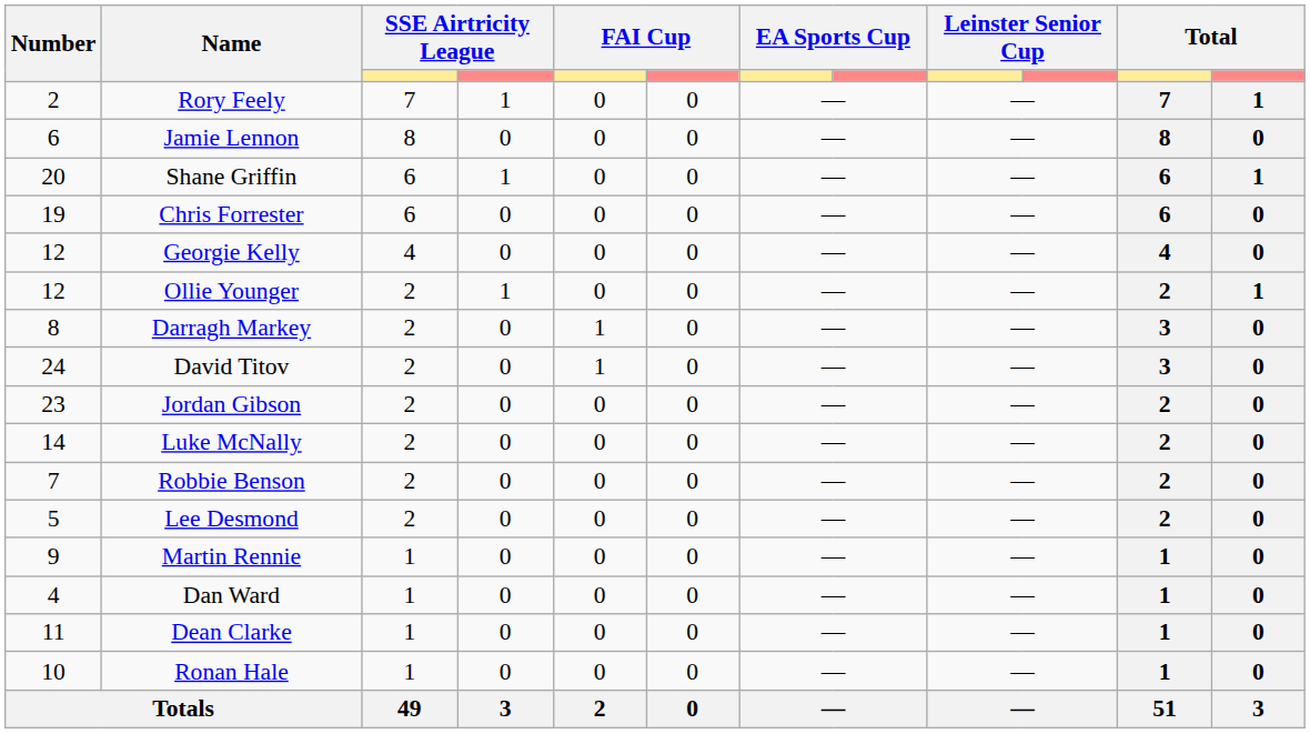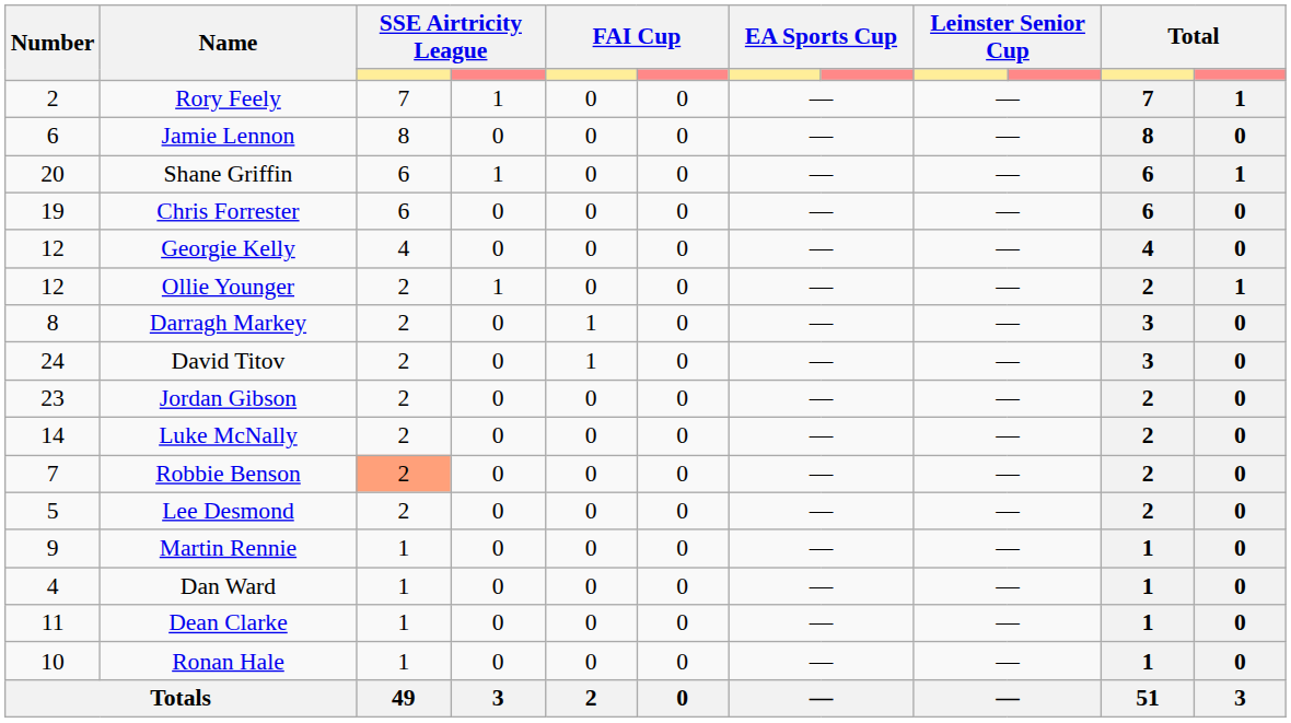 <table class="wikitable" style="text-align:center">
 <tr>
 <th rowspan="2" style="width:5%">Number</th>
 <th rowspan="2" style="width:20%">Name</th>
 <th colspan="2"><a href='#'>SSE Airtricity League</a></th>
 <th colspan="2"><a href='#'>FAI Cup</a></th>
 <th colspan="2"><a href='#'>EA Sports Cup</a></th>
 <th colspan="2"><a href='#'>Leinster Senior Cup</a></th>
 <th colspan="2">Total</th>
 </tr>
 <tr>
 <th style="width:60px;background:#fe9"></th>
 <th style="width:60px;background:#f88"></th>
 <th style="width:60px;background:#fe9"></th>
 <th style="width:60px;background:#f88"></th>
 <th style="width:60px;background:#fe9"></th>
 <th style="width:60px;background:#f88"></th>
 <th style="width:60px;background:#fe9"></th>
 <th style="width:60px;background:#f88"></th>
 <th style="width:60px;background:#fe9"></th>
 <th style="width:60px;background:#f88"></th>
 </tr>
 <tr>
 <td>2</td>
 <td><a href='#'>Rory Feely</a></td>
 <td>7</td>
 <td>1</td>
 <td>0</td>
 <td>0</td>
 <td colspan="2">—</td>
 <td colspan="2">—</td>
 <th>7</th>
 <th>1</th>
 </tr>
 <tr>
 <td>6</td>
 <td><a href='#'>Jamie Lennon</a></td>
 <td>8</td>
 <td>0</td>
 <td>0</td>
 <td>0</td>
 <td colspan="2">—</td>
 <td colspan="2">—</td>
 <th>8</th>
 <th>0</th>
 </tr>
 <tr>
 <td>20</td>
 <td>Shane Griffin</td>
 <td>6</td>
 <td>1</td>
 <td>0</td>
 <td>0</td>
 <td colspan="2">—</td>
 <td colspan="2">—</td>
 <th>6</th>
 <th>1</th>
 </tr>
 <tr>
 <td>19</td>
 <td><a href='#'>Chris Forrester</a></td>
 <td>6</td>
 <td>0</td>
 <td>0</td>
 <td>0</td>
 <td colspan="2">—</td>
 <td colspan="2">—</td>
 <th>6</th>
 <th>0</th>
 </tr>
 <tr>
 <td>12</td>
 <td><a href='#'>Georgie Kelly</a></td>
 <td>4</td>
 <td>0</td>
 <td>0</td>
 <td>0</td>
 <td colspan="2">—</td>
 <td colspan="2">—</td>
 <th>4</th>
 <th>0</th>
 </tr>
 <tr>
 <td>12</td>
 <td><a href='#'>Ollie Younger</a></td>
 <td>2</td>
 <td>1</td>
 <td>0</td>
 <td>0</td>
 <td colspan="2">—</td>
 <td colspan="2">—</td>
 <th>2</th>
 <th>1</th>
 </tr>
 <tr>
 <td>8</td>
 <td><a href='#'>Darragh Markey</a></td>
 <td>2</td>
 <td>0</td>
 <td>1</td>
 <td>0</td>
 <td colspan="2">—</td>
 <td colspan="2">—</td>
 <th>3</th>
 <th>0</th>
 </tr>
 <tr>
 <td>24</td>
 <td>David Titov</td>
 <td>2</td>
 <td>0</td>
 <td>1</td>
 <td>0</td>
 <td colspan="2">—</td>
 <td colspan="2">—</td>
 <th>3</th>
 <th>0</th>
 </tr>
 <tr>
 <td>23</td>
 <td><a href='#'>Jordan Gibson</a></td>
 <td>2</td>
 <td>0</td>
 <td>0</td>
 <td>0</td>
 <td colspan="2">—</td>
 <td colspan="2">—</td>
 <th>2</th>
 <th>0</th>
 </tr>
 <tr>
 <td>14</td>
 <td><a href='#'>Luke McNally</a></td>
 <td>2</td>
 <td>0</td>
 <td>0</td>
 <td>0</td>
 <td colspan="2">—</td>
 <td colspan="2">—</td>
 <th>2</th>
 <th>0</th>
 </tr>
 <tr>
 <td>7</td>
 <td><a href='#'>Robbie Benson</a></td>
-<td>2</td>
+<td style="background: lightsalmon;">2</td>
 <td>0</td>
 <td>0</td>
 <td>0</td>
 <td colspan="2">—</td>
 <td colspan="2">—</td>
 <th>2</th>
 <th>0</th>
 </tr>
 <tr>
 <td>5</td>
 <td><a href='#'>Lee Desmond</a></td>
 <td>2</td>
 <td>0</td>
 <td>0</td>
 <td>0</td>
 <td colspan="2">—</td>
 <td colspan="2">—</td>
 <th>2</th>
 <th>0</th>
 </tr>
 <tr>
 <td>9</td>
 <td><a href='#'>Martin Rennie</a></td>
 <td>1</td>
 <td>0</td>
 <td>0</td>
 <td>0</td>
 <td colspan="2">—</td>
 <td colspan="2">—</td>
 <th>1</th>
 <th>0</th>
 </tr>
 <tr>
 <td>4</td>
 <td>Dan Ward</td>
 <td>1</td>
 <td>0</td>
 <td>0</td>
 <td>0</td>
 <td colspan="2">—</td>
 <td colspan="2">—</td>
 <th>1</th>
 <th>0</th>
 </tr>
 <tr>
 <td>11</td>
 <td><a href='#'>Dean Clarke</a></td>
 <td>1</td>
 <td>0</td>
 <td>0</td>
 <td>0</td>
 <td colspan="2">—</td>
 <td colspan="2">—</td>
 <th>1</th>
 <th>0</th>
 </tr>
 <tr>
 <td>10</td>
 <td><a href='#'>Ronan Hale</a></td>
 <td>1</td>
 <td>0</td>
 <td>0</td>
 <td>0</td>
 <td colspan="2">—</td>
 <td colspan="2">—</td>
 <th>1</th>
 <th>0</th>
 </tr>
 <tr>
 <th colspan="2">Totals</th>
 <th>49</th>
 <th>3</th>
 <th>2</th>
 <th>0</th>
 <th colspan="2">—</th>
 <th colspan="2">—</th>
 <th>51</th>
 <th>3</th>
 </tr>
 </table>
